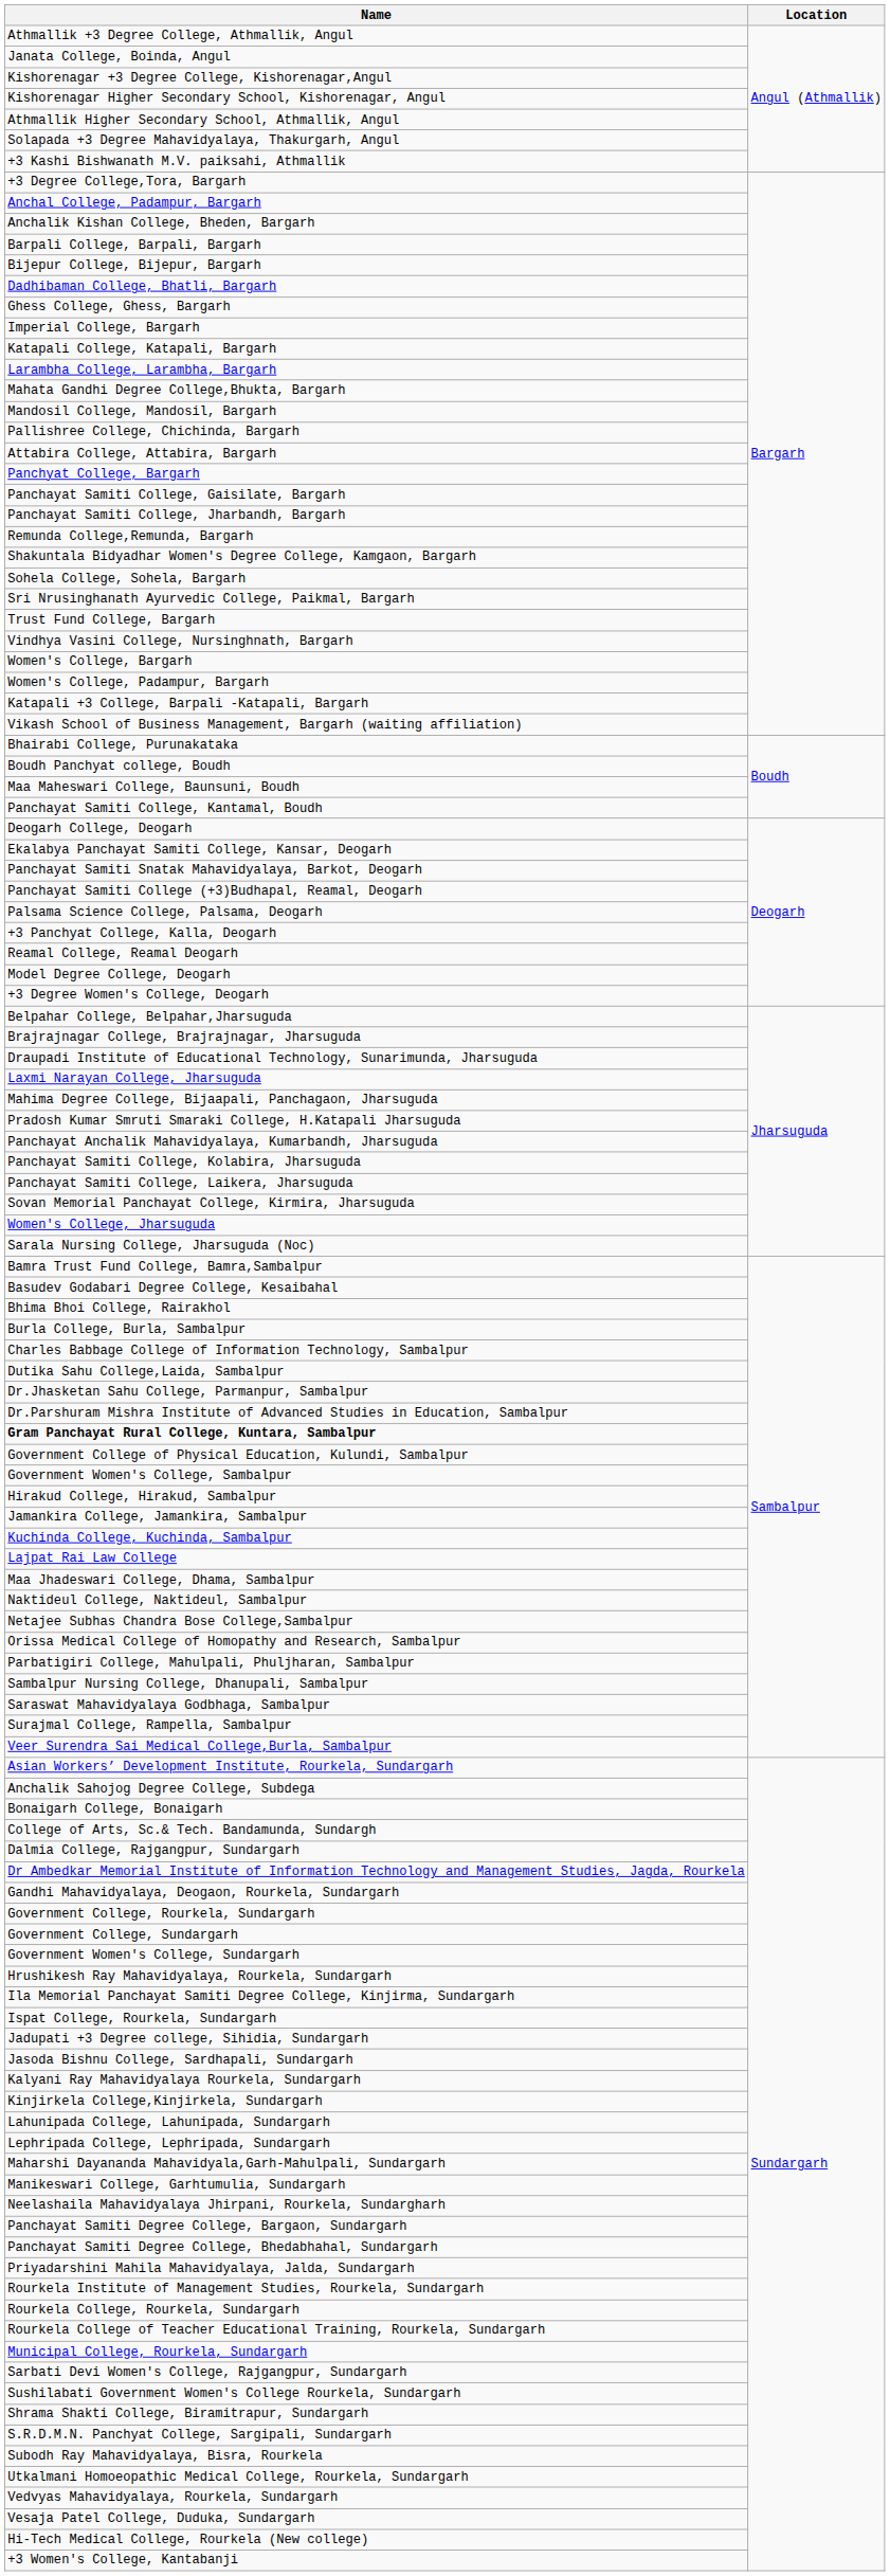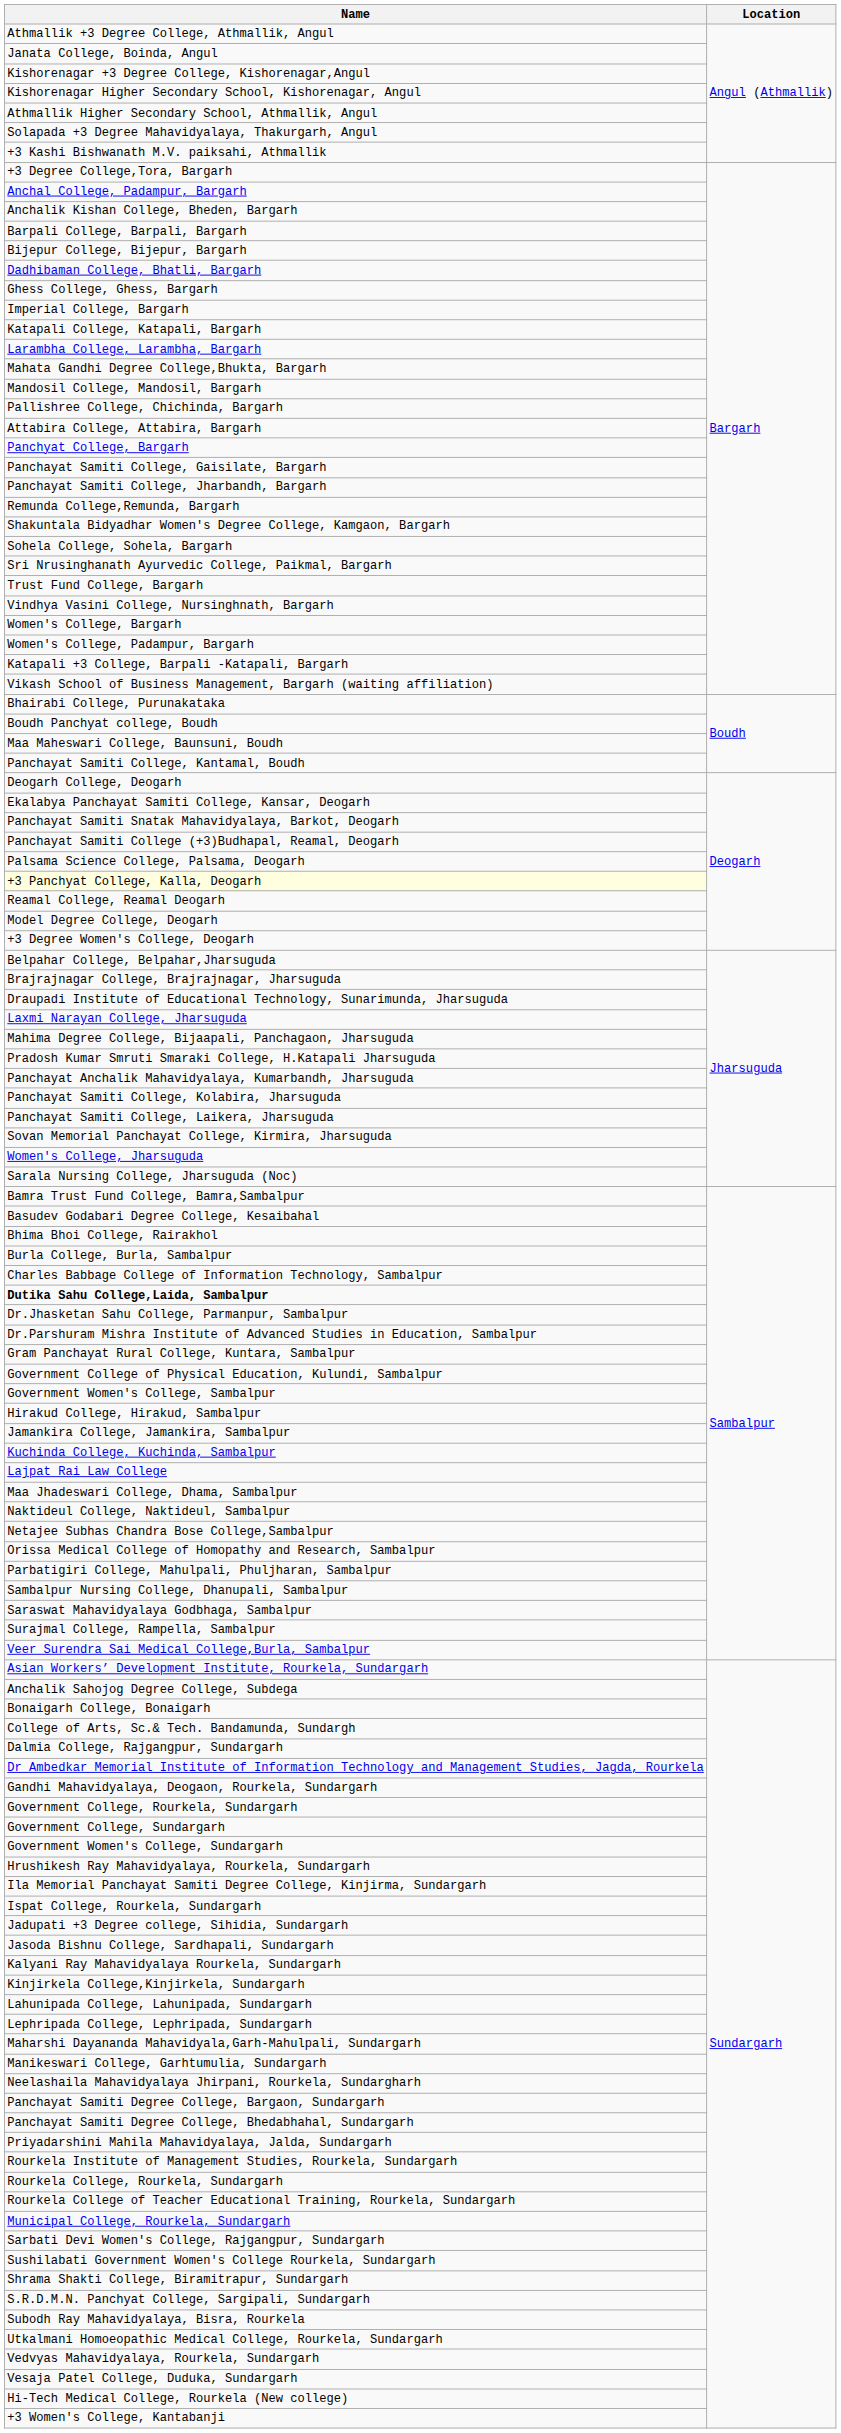 <table class="wikitable sortable">
 <tr>
 <th>Name</th>
 <th>Location</th>
 </tr>
 <tr>
 <td>Athmallik +3 Degree College, Athmallik, Angul</td>
 <td rowspan="7"><a href='#'>Angul</a> (<a href='#'>Athmallik</a>)</td>
 </tr>
 <tr>
 <td>Janata College, Boinda, Angul</td>
 </tr>
 <tr>
 <td>Kishorenagar +3 Degree College, Kishorenagar,Angul</td>
 </tr>
 <tr>
 <td>Kishorenagar Higher Secondary School, Kishorenagar, Angul</td>
 </tr>
 <tr>
 <td>Athmallik Higher Secondary School, Athmallik, Angul</td>
 </tr>
 <tr>
 <td>Solapada +3 Degree Mahavidyalaya, Thakurgarh, Angul</td>
 </tr>
 <tr>
 <td>+3 Kashi Bishwanath M.V. paiksahi, Athmallik</td>
 </tr>
 <tr>
 <td>+3 Degree College,Tora, Bargarh</td>
 <td rowspan="27"><a href='#'>Bargarh</a></td>
 </tr>
 <tr>
 <td><a href='#'>Anchal College, Padampur, Bargarh</a></td>
 </tr>
 <tr>
 <td>Anchalik Kishan College, Bheden, Bargarh</td>
 </tr>
 <tr>
 <td>Barpali College, Barpali, Bargarh</td>
 </tr>
 <tr>
 <td>Bijepur College, Bijepur, Bargarh</td>
 </tr>
 <tr>
 <td><a href='#'>Dadhibaman College, Bhatli, Bargarh</a></td>
 </tr>
 <tr>
 <td>Ghess College, Ghess, Bargarh</td>
 </tr>
 <tr>
 <td>Imperial College, Bargarh</td>
 </tr>
 <tr>
 <td>Katapali College, Katapali, Bargarh</td>
 </tr>
 <tr>
 <td><a href='#'>Larambha College, Larambha, Bargarh</a></td>
 </tr>
 <tr>
 <td>Mahata Gandhi Degree College,Bhukta, Bargarh</td>
 </tr>
 <tr>
 <td>Mandosil College, Mandosil, Bargarh</td>
 </tr>
 <tr>
 <td>Pallishree College, Chichinda, Bargarh</td>
 </tr>
 <tr>
 <td>Attabira College, Attabira, Bargarh</td>
 </tr>
 <tr>
 <td><a href='#'>Panchyat College, Bargarh</a></td>
 </tr>
 <tr>
 <td>Panchayat Samiti College, Gaisilate, Bargarh</td>
 </tr>
 <tr>
 <td>Panchayat Samiti College, Jharbandh, Bargarh</td>
 </tr>
 <tr>
 <td>Remunda College,Remunda, Bargarh</td>
 </tr>
 <tr>
 <td>Shakuntala Bidyadhar Women's Degree College, Kamgaon, Bargarh</td>
 </tr>
 <tr>
 <td>Sohela College, Sohela, Bargarh</td>
 </tr>
 <tr>
 <td>Sri Nrusinghanath Ayurvedic College, Paikmal, Bargarh</td>
 </tr>
 <tr>
 <td>Trust Fund College, Bargarh</td>
 </tr>
 <tr>
 <td>Vindhya Vasini College, Nursinghnath, Bargarh</td>
 </tr>
 <tr>
 <td>Women's College, Bargarh</td>
 </tr>
 <tr>
 <td>Women's College, Padampur, Bargarh</td>
 </tr>
 <tr>
 <td>Katapali +3 College, Barpali -Katapali, Bargarh</td>
 </tr>
 <tr>
 <td>Vikash School of Business Management, Bargarh (waiting affiliation)</td>
 </tr>
 <tr>
 <td>Bhairabi College, Purunakataka</td>
 <td rowspan="4"><a href='#'>Boudh</a></td>
 </tr>
 <tr>
 <td>Boudh Panchyat college, Boudh</td>
 </tr>
 <tr>
 <td>Maa Maheswari College, Baunsuni, Boudh</td>
 </tr>
 <tr>
 <td>Panchayat Samiti College, Kantamal, Boudh</td>
 </tr>
 <tr>
 <td>Deogarh College, Deogarh</td>
 <td rowspan="9"><a href='#'>Deogarh</a></td>
 </tr>
 <tr>
 <td>Ekalabya Panchayat Samiti College, Kansar, Deogarh</td>
 </tr>
 <tr>
 <td>Panchayat Samiti Snatak Mahavidyalaya, Barkot, Deogarh</td>
 </tr>
 <tr>
 <td>Panchayat Samiti College (+3)Budhapal, Reamal, Deogarh</td>
 </tr>
 <tr>
 <td>Palsama Science College, Palsama, Deogarh</td>
 </tr>
 <tr>
-<td>+3 Panchyat College, Kalla, Deogarh</td>
+<td style="background: lightyellow;">+3 Panchyat College, Kalla, Deogarh</td>
 </tr>
 <tr>
 <td>Reamal College, Reamal Deogarh</td>
 </tr>
 <tr>
 <td>Model Degree College, Deogarh</td>
 </tr>
 <tr>
 <td>+3 Degree Women's College, Deogarh</td>
 </tr>
 <tr>
 <td>Belpahar College, Belpahar,Jharsuguda</td>
 <td rowspan="12"><a href='#'>Jharsuguda</a></td>
 </tr>
 <tr>
 <td>Brajrajnagar College, Brajrajnagar, Jharsuguda</td>
 </tr>
 <tr>
 <td>Draupadi Institute of Educational Technology, Sunarimunda, Jharsuguda</td>
 </tr>
 <tr>
 <td><a href='#'>Laxmi Narayan College, Jharsuguda</a></td>
 </tr>
 <tr>
 <td>Mahima Degree College, Bijaapali, Panchagaon, Jharsuguda</td>
 </tr>
 <tr>
 <td>Pradosh Kumar Smruti Smaraki College, H.Katapali Jharsuguda</td>
 </tr>
 <tr>
 <td>Panchayat Anchalik Mahavidyalaya, Kumarbandh, Jharsuguda</td>
 </tr>
 <tr>
 <td>Panchayat Samiti College, Kolabira, Jharsuguda</td>
 </tr>
 <tr>
 <td>Panchayat Samiti College, Laikera, Jharsuguda</td>
 </tr>
 <tr>
 <td>Sovan Memorial Panchayat College, Kirmira, Jharsuguda</td>
 </tr>
 <tr>
 <td><a href='#'>Women's College, Jharsuguda</a></td>
 </tr>
 <tr>
 <td>Sarala Nursing College, Jharsuguda (Noc)</td>
 </tr>
 <tr>
 <td>Bamra Trust Fund College, Bamra,Sambalpur</td>
 <td rowspan="24"><a href='#'>Sambalpur</a></td>
 </tr>
 <tr>
 <td>Basudev Godabari Degree College, Kesaibahal</td>
 </tr>
 <tr>
 <td>Bhima Bhoi College, Rairakhol</td>
 </tr>
 <tr>
 <td>Burla College, Burla, Sambalpur</td>
 </tr>
 <tr>
 <td>Charles Babbage College of Information Technology, Sambalpur</td>
 </tr>
 <tr>
-<td>Dutika Sahu College,Laida, Sambalpur</td>
+<td><strong>Dutika Sahu College,Laida, Sambalpur</strong></td>
 </tr>
 <tr>
 <td>Dr.Jhasketan Sahu College, Parmanpur, Sambalpur</td>
 </tr>
 <tr>
 <td>Dr.Parshuram Mishra Institute of Advanced Studies in Education, Sambalpur</td>
 </tr>
 <tr>
-<td><strong>Gram Panchayat Rural College, Kuntara, Sambalpur</strong></td>
+<td>Gram Panchayat Rural College, Kuntara, Sambalpur</td>
 </tr>
 <tr>
 <td>Government College of Physical Education, Kulundi, Sambalpur</td>
 </tr>
 <tr>
 <td>Government Women's College, Sambalpur</td>
 </tr>
 <tr>
 <td>Hirakud College, Hirakud, Sambalpur</td>
 </tr>
 <tr>
 <td>Jamankira College, Jamankira, Sambalpur</td>
 </tr>
 <tr>
 <td><a href='#'>Kuchinda College, Kuchinda, Sambalpur</a></td>
 </tr>
 <tr>
 <td><a href='#'>Lajpat Rai Law College</a></td>
 </tr>
 <tr>
 <td>Maa Jhadeswari College, Dhama, Sambalpur</td>
 </tr>
 <tr>
 <td>Naktideul College, Naktideul, Sambalpur</td>
 </tr>
 <tr>
 <td>Netajee Subhas Chandra Bose College,Sambalpur</td>
 </tr>
 <tr>
 <td>Orissa Medical College of Homopathy and Research, Sambalpur</td>
 </tr>
 <tr>
 <td>Parbatigiri College, Mahulpali, Phuljharan, Sambalpur</td>
 </tr>
 <tr>
 <td>Sambalpur Nursing College, Dhanupali, Sambalpur</td>
 </tr>
 <tr>
 <td>Saraswat Mahavidyalaya Godbhaga, Sambalpur</td>
 </tr>
 <tr>
 <td>Surajmal College, Rampella, Sambalpur</td>
 </tr>
 <tr>
 <td><a href='#'>Veer Surendra Sai Medical College,Burla, Sambalpur</a></td>
 </tr>
 <tr>
 <td><a href='#'>Asian Workers’ Development Institute, Rourkela, Sundargarh</a></td>
 <td rowspan="39"><a href='#'>Sundargarh</a></td>
 </tr>
 <tr>
 <td>Anchalik Sahojog Degree College, Subdega</td>
 </tr>
 <tr>
 <td>Bonaigarh College, Bonaigarh</td>
 </tr>
 <tr>
 <td>College of Arts, Sc.& Tech. Bandamunda, Sundargh</td>
 </tr>
 <tr>
 <td>Dalmia College, Rajgangpur, Sundargarh</td>
 </tr>
 <tr>
 <td><a href='#'>Dr Ambedkar Memorial Institute of Information Technology and Management Studies, Jagda, Rourkela</a></td>
 </tr>
 <tr>
 <td>Gandhi Mahavidyalaya, Deogaon, Rourkela, Sundargarh</td>
 </tr>
 <tr>
 <td>Government College, Rourkela, Sundargarh</td>
 </tr>
 <tr>
 <td>Government College, Sundargarh</td>
 </tr>
 <tr>
 <td>Government Women's College, Sundargarh</td>
 </tr>
 <tr>
 <td>Hrushikesh Ray Mahavidyalaya, Rourkela, Sundargarh</td>
 </tr>
 <tr>
 <td>Ila Memorial Panchayat Samiti Degree College, Kinjirma, Sundargarh</td>
 </tr>
 <tr>
 <td>Ispat College, Rourkela, Sundargarh</td>
 </tr>
 <tr>
 <td>Jadupati +3 Degree college, Sihidia, Sundargarh</td>
 </tr>
 <tr>
 <td>Jasoda Bishnu College, Sardhapali, Sundargarh</td>
 </tr>
 <tr>
 <td>Kalyani Ray Mahavidyalaya Rourkela, Sundargarh</td>
 </tr>
 <tr>
 <td>Kinjirkela College,Kinjirkela, Sundargarh</td>
 </tr>
 <tr>
 <td>Lahunipada College, Lahunipada, Sundargarh</td>
 </tr>
 <tr>
 <td>Lephripada College, Lephripada, Sundargarh</td>
 </tr>
 <tr>
 <td>Maharshi Dayananda Mahavidyala,Garh-Mahulpali, Sundargarh</td>
 </tr>
 <tr>
 <td>Manikeswari College, Garhtumulia, Sundargarh</td>
 </tr>
 <tr>
 <td>Neelashaila Mahavidyalaya Jhirpani, Rourkela, Sundargharh</td>
 </tr>
 <tr>
 <td>Panchayat Samiti Degree College, Bargaon, Sundargarh</td>
 </tr>
 <tr>
 <td>Panchayat Samiti Degree College, Bhedabhahal, Sundargarh</td>
 </tr>
 <tr>
 <td>Priyadarshini Mahila Mahavidyalaya, Jalda, Sundargarh</td>
 </tr>
 <tr>
 <td>Rourkela Institute of Management Studies, Rourkela, Sundargarh</td>
 </tr>
 <tr>
 <td>Rourkela College, Rourkela, Sundargarh</td>
 </tr>
 <tr>
 <td>Rourkela College of Teacher Educational Training, Rourkela, Sundargarh</td>
 </tr>
 <tr>
 <td><a href='#'>Municipal College, Rourkela, Sundargarh</a></td>
 </tr>
 <tr>
 <td>Sarbati Devi Women's College, Rajgangpur, Sundargarh</td>
 </tr>
 <tr>
 <td>Sushilabati Government Women's College Rourkela, Sundargarh</td>
 </tr>
 <tr>
 <td>Shrama Shakti College, Biramitrapur, Sundargarh</td>
 </tr>
 <tr>
 <td>S.R.D.M.N. Panchyat College, Sargipali, Sundargarh</td>
 </tr>
 <tr>
 <td>Subodh Ray Mahavidyalaya, Bisra, Rourkela</td>
 </tr>
 <tr>
 <td>Utkalmani Homoeopathic Medical College, Rourkela, Sundargarh</td>
 </tr>
 <tr>
 <td>Vedvyas Mahavidyalaya, Rourkela, Sundargarh</td>
 </tr>
 <tr>
 <td>Vesaja Patel College, Duduka, Sundargarh</td>
 </tr>
 <tr>
 <td>Hi-Tech Medical College, Rourkela (New college)</td>
 </tr>
 <tr>
 <td>+3 Women's College, Kantabanji</td>
 </tr>
 </table>
